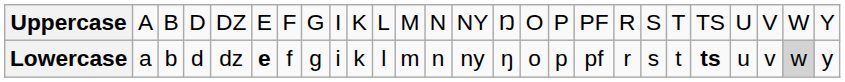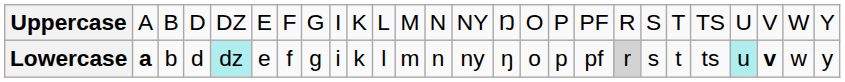 <table class="wikitable" style="text-align: center;">
 <tr -->
 <th>Uppercase</th>
 <td>A</td>
 <td>B</td>
 <td>D</td>
 <td>DZ</td>
 <td>E</td>
 <td>F</td>
 <td>G</td>
 <td>I</td>
 <td>K</td>
 <td>L</td>
 <td>M</td>
 <td>N</td>
 <td>NY</td>
 <td>Ŋ</td>
 <td>O</td>
 <td>P</td>
 <td>PF</td>
 <td>R</td>
 <td>S</td>
 <td>T</td>
 <td>TS</td>
 <td>U</td>
 <td>V</td>
 <td>W</td>
 <td>Y</td>
 </tr>
 <tr -->
 <th>Lowercase</th>
-<td>a</td>
+<td><strong>a</strong></td>
 <td>b</td>
 <td>d</td>
-<td>dz</td>
-<td><strong>e</strong></td>
+<td style="background: paleturquoise;">dz</td>
+<td>e</td>
 <td>f</td>
 <td>g</td>
 <td>i</td>
 <td>k</td>
 <td>l</td>
 <td>m</td>
 <td>n</td>
 <td>ny</td>
 <td>ŋ</td>
 <td>o</td>
 <td>p</td>
 <td>pf</td>
-<td>r</td>
+<td style="background: lightgrey;">r</td>
 <td>s</td>
 <td>t</td>
-<td><strong>ts</strong></td>
-<td>u</td>
-<td>v</td>
-<td style="background: lightgrey;">w</td>
+<td>ts</td>
+<td style="background: paleturquoise;">u</td>
+<td><strong>v</strong></td>
+<td>w</td>
 <td>y</td>
 </tr>
 </table>
